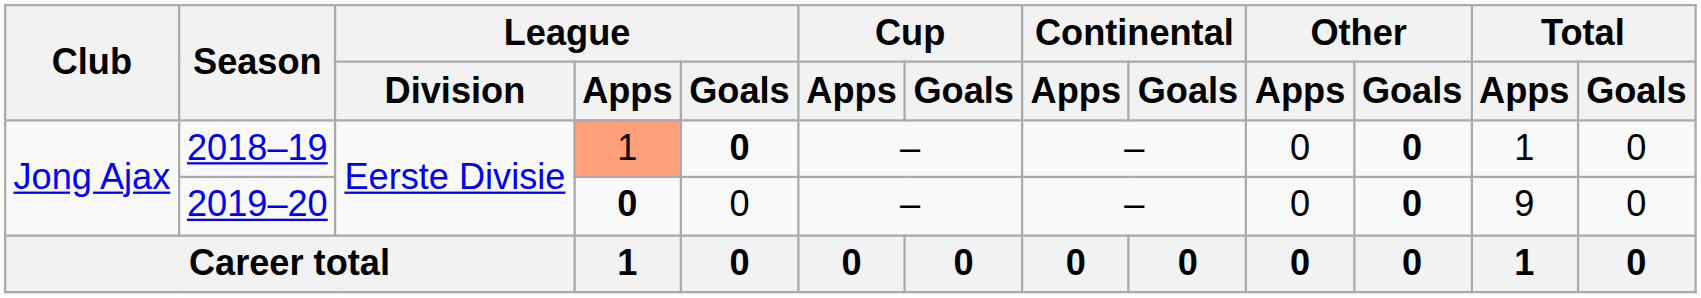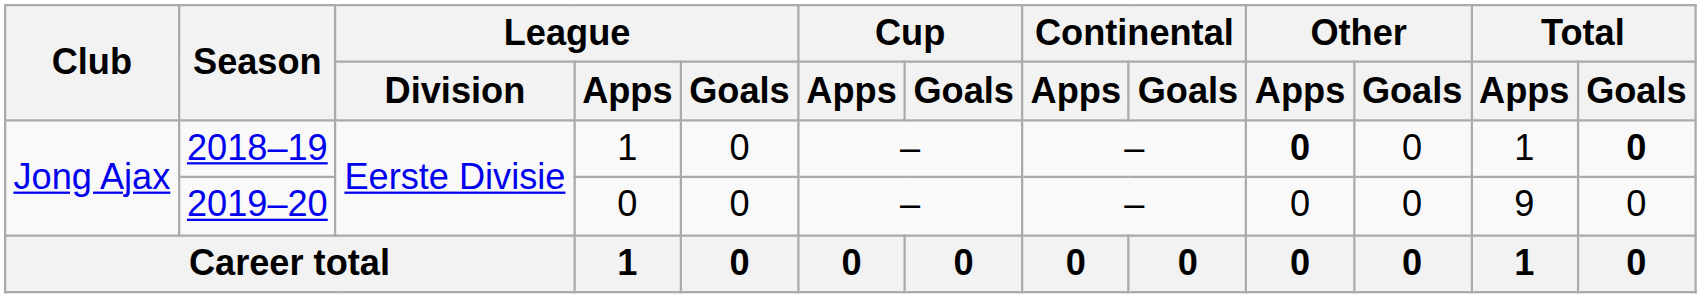 <table class="wikitable" style="text-align:center">
 <tr>
 <th rowspan="2">Club</th>
 <th rowspan="2">Season</th>
 <th colspan="3">League</th>
 <th colspan="2">Cup</th>
 <th colspan="2">Continental</th>
 <th colspan="2">Other</th>
 <th colspan="2">Total</th>
 </tr>
 <tr>
 <th>Division</th>
 <th>Apps</th>
 <th>Goals</th>
 <th>Apps</th>
 <th>Goals</th>
 <th>Apps</th>
 <th>Goals</th>
 <th>Apps</th>
 <th>Goals</th>
 <th>Apps</th>
 <th>Goals</th>
 </tr>
 <tr>
 <td rowspan="2"><a href='#'>Jong Ajax</a></td>
 <td><a href='#'>2018–19</a></td>
 <td rowspan="2"><a href='#'>Eerste Divisie</a></td>
-<td style="background: lightsalmon;">1</td>
-<td><strong>0</strong></td>
+<td>1</td>
+<td>0</td>
 <td colspan="2">–</td>
 <td colspan="2">–</td>
+<td><strong>0</strong></td>
 <td>0</td>
+<td>1</td>
 <td><strong>0</strong></td>
-<td>1</td>
-<td>0</td>
 </tr>
 <tr>
 <td><a href='#'>2019–20</a></td>
-<td><strong>0</strong></td>
+<td>0</td>
 <td>0</td>
 <td colspan="2">–</td>
 <td colspan="2">–</td>
 <td>0</td>
-<td><strong>0</strong></td>
+<td>0</td>
 <td>9</td>
 <td>0</td>
 </tr>
 <tr>
 <th colspan="3">Career total</th>
 <th>1</th>
 <th>0</th>
 <th>0</th>
 <th>0</th>
 <th>0</th>
 <th>0</th>
 <th>0</th>
 <th>0</th>
 <th>1</th>
 <th>0</th>
 </tr>
 </table>
